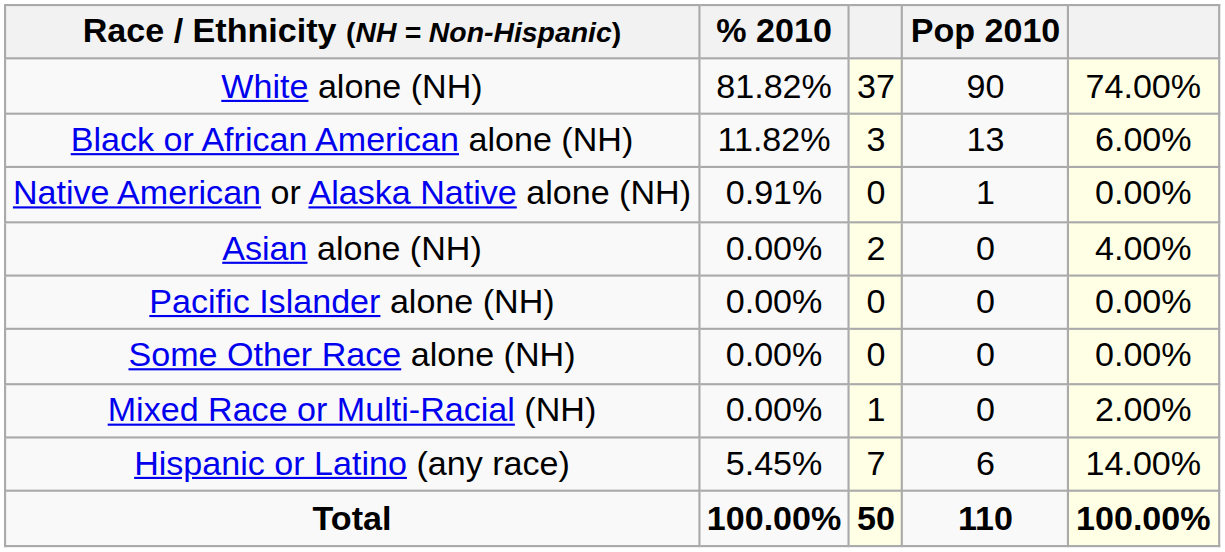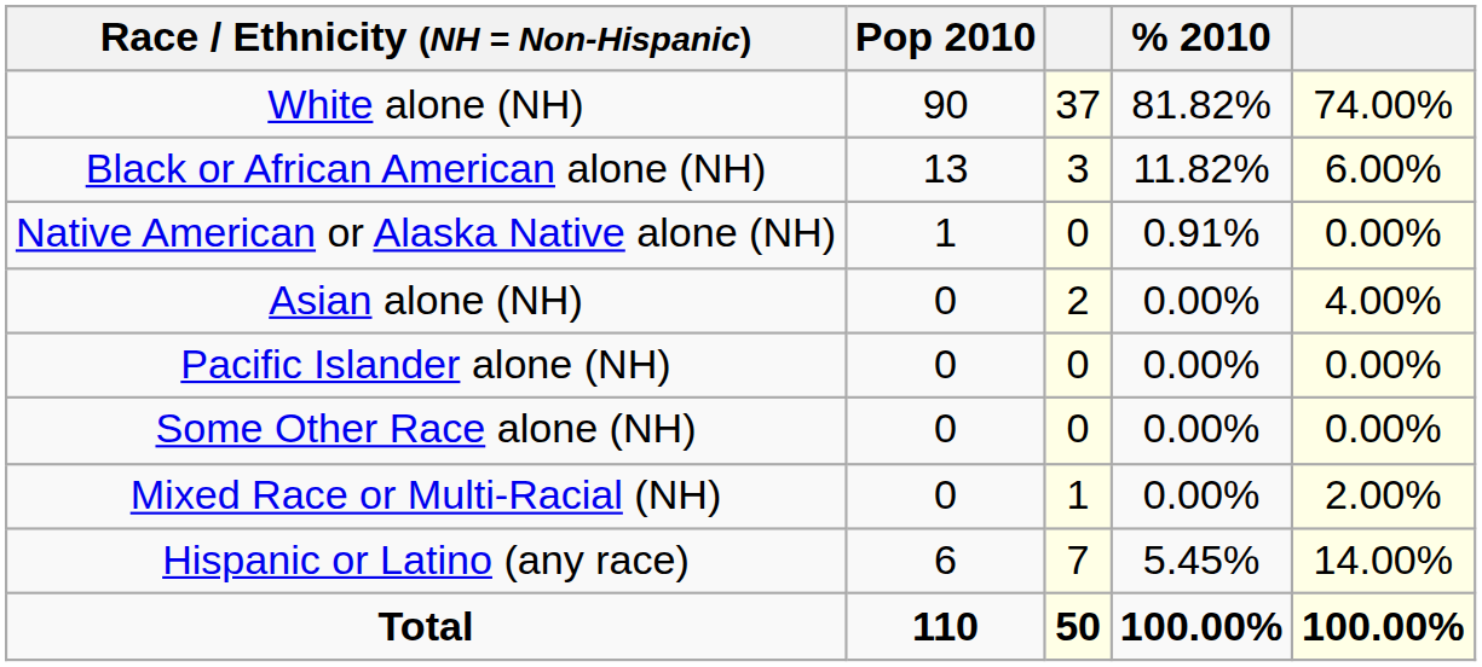 <table class="wikitable" style="text-align:center;">
 <tr>
 <th>Race / Ethnicity <small>(<em>NH = Non-Hispanic</em>)</small></th>
+<th>Pop 2010</th>
+<th></th>
 <th>% 2010</th>
-<th></th>
-<th>Pop 2010</th>
 <th></th>
 </tr>
 <tr>
 <td><a href='#'>White</a> alone (NH)</td>
+<td>90</td>
+<td style='background: #ffffe6;'>37</td>
 <td>81.82%</td>
-<td style='background: #ffffe6;'>37</td>
-<td>90</td>
 <td style='background: #ffffe6;'>74.00%</td>
 </tr>
 <tr>
 <td><a href='#'>Black or African American</a> alone (NH)</td>
+<td>13</td>
+<td style='background: #ffffe6;'>3</td>
 <td>11.82%</td>
-<td style='background: #ffffe6;'>3</td>
-<td>13</td>
 <td style='background: #ffffe6;'>6.00%</td>
 </tr>
 <tr>
 <td><a href='#'>Native American</a> or <a href='#'>Alaska Native</a> alone (NH)</td>
+<td>1</td>
+<td style='background: #ffffe6;'>0</td>
 <td>0.91%</td>
-<td style='background: #ffffe6;'>0</td>
-<td>1</td>
 <td style='background: #ffffe6;'>0.00%</td>
 </tr>
 <tr>
 <td><a href='#'>Asian</a> alone (NH)</td>
+<td>0</td>
+<td style='background: #ffffe6;'>2</td>
 <td>0.00%</td>
-<td style='background: #ffffe6;'>2</td>
-<td>0</td>
 <td style='background: #ffffe6;'>4.00%</td>
 </tr>
 <tr>
 <td><a href='#'>Pacific Islander</a> alone (NH)</td>
+<td>0</td>
+<td style='background: #ffffe6;'>0</td>
 <td>0.00%</td>
-<td style='background: #ffffe6;'>0</td>
-<td>0</td>
 <td style='background: #ffffe6;'>0.00%</td>
 </tr>
 <tr>
 <td><a href='#'>Some Other Race</a> alone (NH)</td>
+<td>0</td>
+<td style='background: #ffffe6;'>0</td>
 <td>0.00%</td>
-<td style='background: #ffffe6;'>0</td>
-<td>0</td>
 <td style='background: #ffffe6;'>0.00%</td>
 </tr>
 <tr>
 <td><a href='#'>Mixed Race or Multi-Racial</a> (NH)</td>
+<td>0</td>
+<td style='background: #ffffe6;'>1</td>
 <td>0.00%</td>
-<td style='background: #ffffe6;'>1</td>
-<td>0</td>
 <td style='background: #ffffe6;'>2.00%</td>
 </tr>
 <tr>
 <td><a href='#'>Hispanic or Latino</a> (any race)</td>
+<td>6</td>
+<td style='background: #ffffe6;'>7</td>
 <td>5.45%</td>
-<td style='background: #ffffe6;'>7</td>
-<td>6</td>
 <td style='background: #ffffe6;'>14.00%</td>
 </tr>
 <tr>
 <td><strong>Total</strong></td>
+<td><strong>110</strong></td>
+<td style='background: #ffffe6;'><strong>50</strong></td>
 <td><strong>100.00%</strong></td>
-<td style='background: #ffffe6;'><strong>50</strong></td>
-<td><strong>110</strong></td>
 <td style='background: #ffffe6;'><strong>100.00%</strong></td>
 </tr>
 </table>
